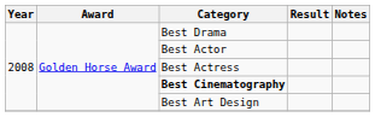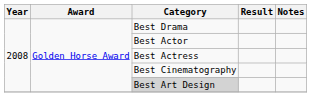 <table class="wikitable">
 <tr>
 <th>Year</th>
 <th>Award</th>
 <th>Category</th>
 <th>Result</th>
 <th>Notes</th>
 </tr>
 <tr>
 <td rowspan="5">2008</td>
 <td rowspan="5"><a href='#'>Golden Horse Award</a></td>
 <td>Best Drama</td>
 <td></td>
 <td></td>
 </tr>
 <tr>
 <td>Best Actor</td>
 <td></td>
 <td></td>
 </tr>
 <tr>
 <td>Best Actress</td>
 <td></td>
 <td></td>
 </tr>
 <tr>
-<td><strong>Best Cinematography</strong></td>
+<td>Best Cinematography</td>
 <td></td>
 <td></td>
 </tr>
 <tr>
-<td>Best Art Design</td>
+<td style="background: lightgrey;">Best Art Design</td>
 <td></td>
 <td></td>
 </tr>
 <tr>
 </tr>
 </table>
